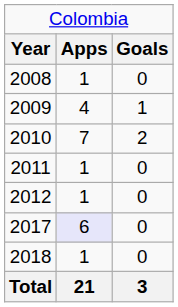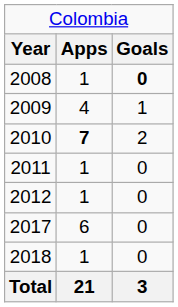 <table class="wikitable" style="text-align:center">
 <tr>
 <td colspan=3><a href='#'>Colombia</a></td>
 </tr>
 <tr>
 <th>Year</th>
 <th>Apps</th>
 <th>Goals</th>
 </tr>
 <tr>
 <td>2008</td>
 <td>1</td>
-<td>0</td>
+<td><strong>0</strong></td>
 </tr>
 <tr>
 <td>2009</td>
 <td>4</td>
 <td>1</td>
 </tr>
 <tr>
 <td>2010</td>
-<td>7</td>
+<td><strong>7</strong></td>
 <td>2</td>
 </tr>
 <tr>
 <td>2011</td>
 <td>1</td>
 <td>0</td>
 </tr>
 <tr>
 <td>2012</td>
 <td>1</td>
 <td>0</td>
 </tr>
 <tr>
 <td>2017</td>
-<td style="background: lavender;">6</td>
+<td>6</td>
 <td>0</td>
 </tr>
 <tr>
 <td>2018</td>
 <td>1</td>
 <td>0</td>
 </tr>
 <tr>
 <th>Total</th>
 <th>21</th>
 <th>3</th>
 </tr>
 </table>
